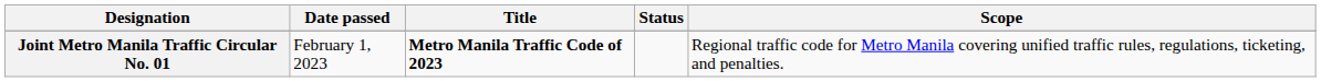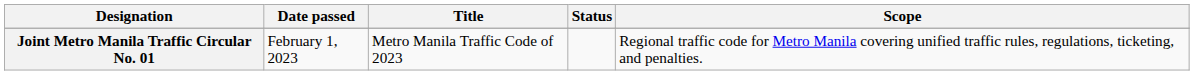 <table class="wikitable sortable collapsible" style="min-width:50%;">
 <tr>
 <th>Designation</th>
 <th data-sort-type="date">Date passed</th>
 <th>Title</th>
 <th>Status</th>
 <th>Scope</th>
 </tr>
 <tr>
 </tr>
 <tr>
 <th>Joint Metro Manila Traffic Circular No. 01</th>
 <td>February 1, 2023</td>
-<td><strong>Metro Manila Traffic Code of 2023</strong></td>
+<td>Metro Manila Traffic Code of 2023</td>
 <td></td>
 <td>Regional traffic code for <a href='#'>Metro Manila</a> covering unified traffic rules, regulations, ticketing, and penalties.</td>
 </tr>
 </table>
